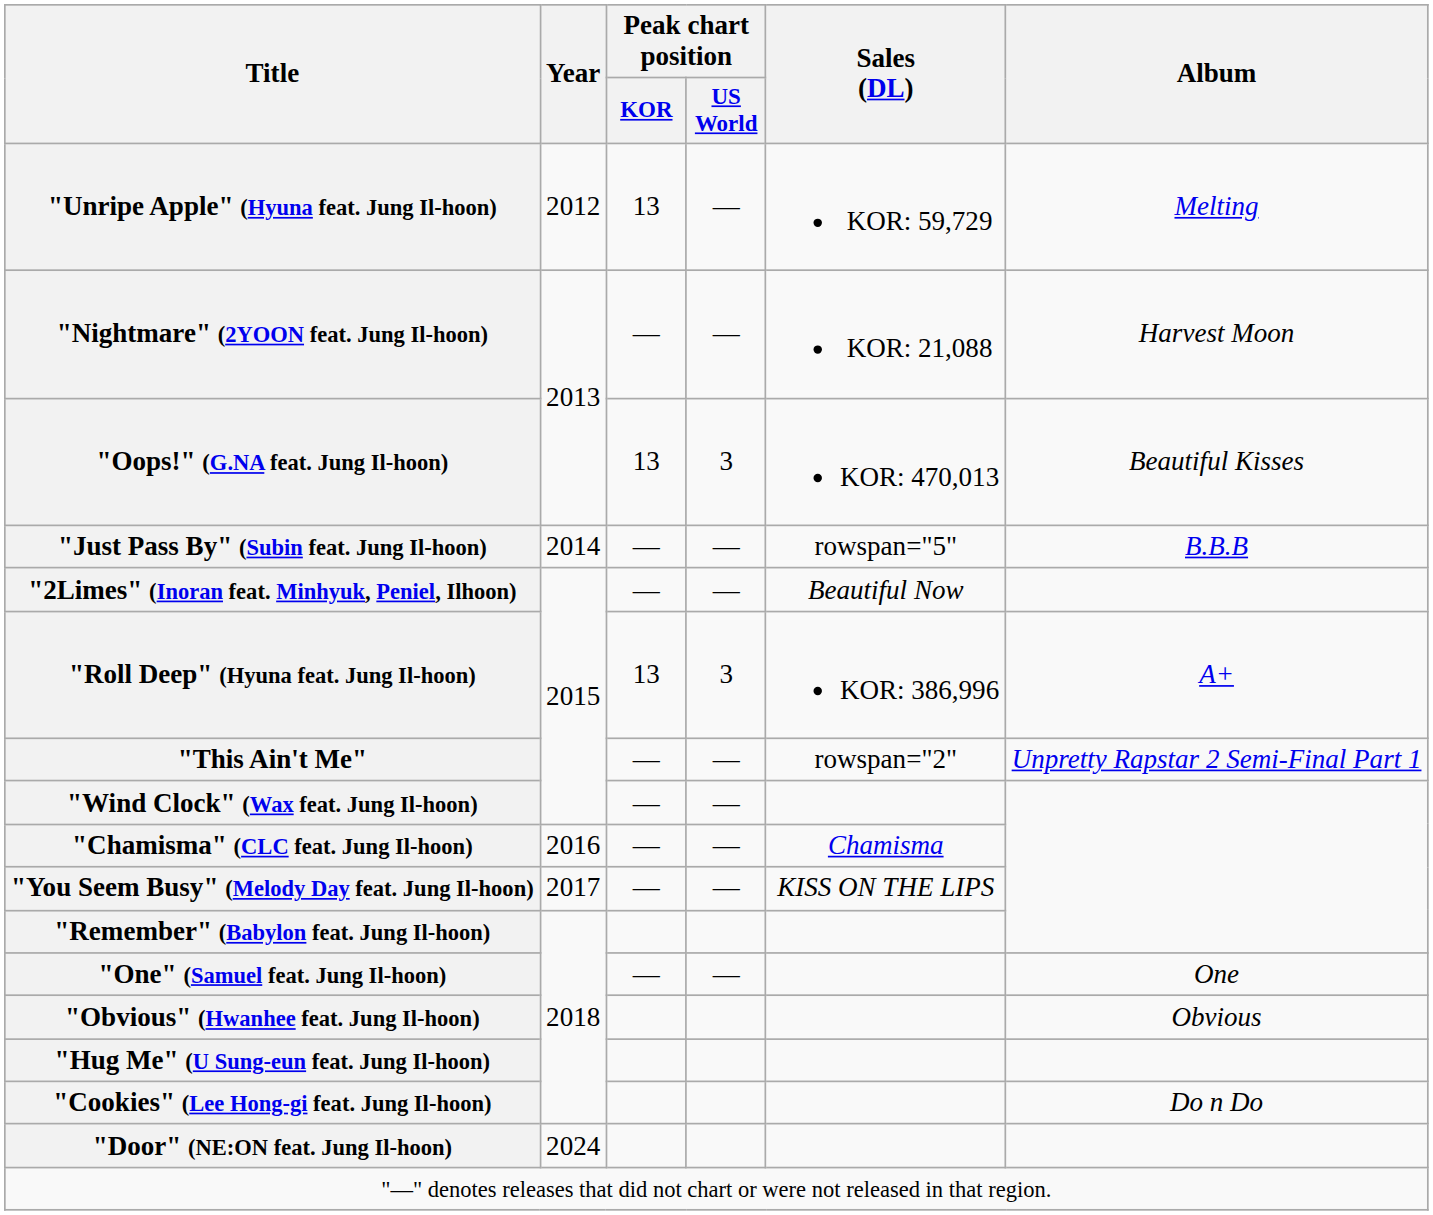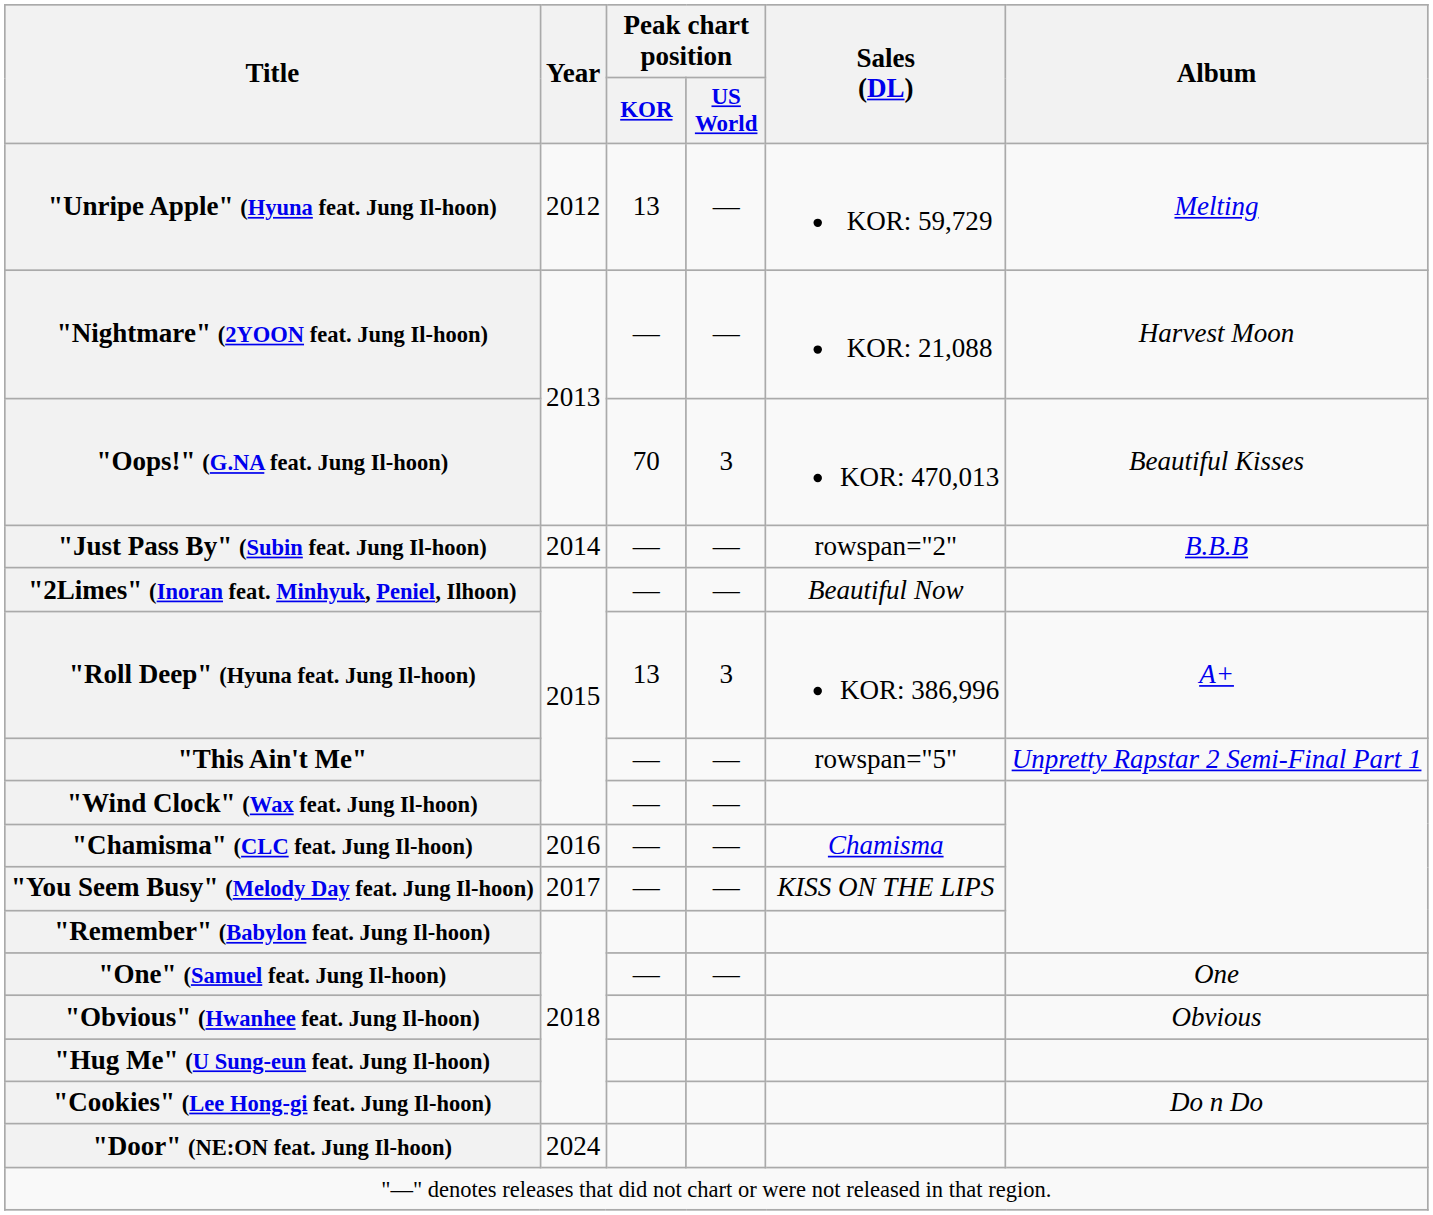 <table class="wikitable plainrowheaders" style="text-align:center;">
 <tr>
 <th rowspan="2">Title</th>
 <th rowspan="2">Year</th>
 <th colspan="2">Peak chart position</th>
 <th rowspan="2">Sales<br>(<a href='#'>DL</a>)</th>
 <th rowspan="2">Album</th>
 </tr>
 <tr>
 <th scope="col" style="width:3em;font-size:85%;"><a href='#'>KOR</a><br></th>
 <th scope="col" style="width:3em;font-size:85%;"><a href='#'>US<br>World</a><br></th>
 </tr>
 <tr>
 <th scope="row">"Unripe Apple" <small>(<a href='#'>Hyuna</a> feat. Jung Il-hoon)</small></th>
 <td>2012</td>
 <td>13</td>
 <td>—</td>
 <td><br><ul><li>KOR: 59,729</li></ul></td>
 <td><a href='#'><em>Melting</em></a></td>
 </tr>
 <tr>
 <th scope="row">"Nightmare" <small>(<a href='#'>2YOON</a> feat. Jung Il-hoon)</small></th>
 <td rowspan="2">2013</td>
 <td>—</td>
 <td>—</td>
 <td><br><ul><li>KOR: 21,088</li></ul></td>
 <td><em>Harvest Moon</em></td>
 </tr>
 <tr>
 <th scope="row">"Oops!" <small>(<a href='#'>G.NA</a> feat. Jung Il-hoon)</small></th>
-<td>13</td>
+<td>70</td>
 <td>3</td>
 <td><br><ul><li>KOR: 470,013</li></ul></td>
 <td><em>Beautiful Kisses</em></td>
 </tr>
 <tr>
 <th scope="row">"Just Pass By" <small>(<a href='#'>Subin</a> feat. Jung Il-hoon)</small></th>
 <td>2014</td>
 <td>—</td>
 <td>—</td>
-<td>rowspan="5" </td>
+<td>rowspan="2" </td>
 <td><a href='#'><em>B.B.B</em></a></td>
 </tr>
 <tr>
 <th scope="row">"2Limes" <small>(<a href='#'>Inoran</a> feat. <a href='#'>Minhyuk</a>, <a href='#'>Peniel</a>, Ilhoon)</small></th>
 <td rowspan="4">2015</td>
 <td>—</td>
 <td>—</td>
 <td><em>Beautiful Now</em></td>
 </tr>
 <tr>
 <th scope="row">"Roll Deep" <small>(Hyuna feat. Jung Il-hoon)</small></th>
 <td>13</td>
 <td>3</td>
 <td><br><ul><li>KOR: 386,996</li></ul></td>
 <td><a href='#'><em>A+</em></a></td>
 </tr>
 <tr>
 <th scope="row">"This Ain't Me"</th>
 <td>—</td>
 <td>—</td>
-<td>rowspan="2" </td>
+<td>rowspan="5" </td>
 <td><em><a href='#'>Unpretty Rapstar 2 Semi-Final Part 1</a></em></td>
 </tr>
 <tr>
 <th scope="row">"Wind Clock" <small>(<a href='#'>Wax</a> feat. Jung Il-hoon)</small></th>
 <td>—</td>
 <td>—</td>
 <td></td>
 </tr>
 <tr>
 <th scope="row">"Chamisma" <small>(<a href='#'>CLC</a> feat. Jung Il-hoon)</small></th>
 <td>2016</td>
 <td>—</td>
 <td>—</td>
 <td><em><a href='#'>Chamisma</a></em></td>
 </tr>
 <tr>
 <th scope="row">"You Seem Busy" <small>(<a href='#'>Melody Day</a> feat. Jung Il-hoon)</small></th>
 <td>2017</td>
 <td>—</td>
 <td>—</td>
 <td><em>KISS ON THE LIPS</em></td>
 </tr>
 <tr>
 <th scope="row">"Remember" <small>(<a href='#'>Babylon</a> feat. Jung Il-hoon)</small></th>
 <td rowspan="5">2018</td>
 <td></td>
 <td></td>
 <td></td>
 </tr>
 <tr>
 <th scope="row">"One" <small>(<a href='#'>Samuel</a> feat. Jung Il-hoon)</small></th>
 <td>—</td>
 <td>—</td>
 <td></td>
 <td><em>One</em></td>
 </tr>
 <tr>
 <th scope="row">"Obvious" <small>(<a href='#'>Hwanhee</a> feat. Jung Il-hoon)</small></th>
 <td></td>
 <td></td>
 <td></td>
 <td><em>Obvious</em></td>
 </tr>
 <tr>
 <th scope="row">"Hug Me" <small>(<a href='#'>U Sung-eun</a> feat. Jung Il-hoon)</small></th>
 <td></td>
 <td></td>
 <td></td>
 <td></td>
 </tr>
 <tr>
 <th scope="row">"Cookies" <small>(<a href='#'>Lee Hong-gi</a> feat. Jung Il-hoon)</small></th>
 <td></td>
 <td></td>
 <td></td>
 <td><em>Do n Do</em></td>
 </tr>
 <tr>
 <th scope="row">"Door" <small>(NE:ON feat. Jung Il-hoon)</small></th>
 <td>2024</td>
 <td></td>
 <td></td>
 <td></td>
 <td></td>
 </tr>
 <tr>
 <td colspan="6"><small>"—" denotes releases that did not chart or were not released in that region.</small></td>
 </tr>
 </table>
